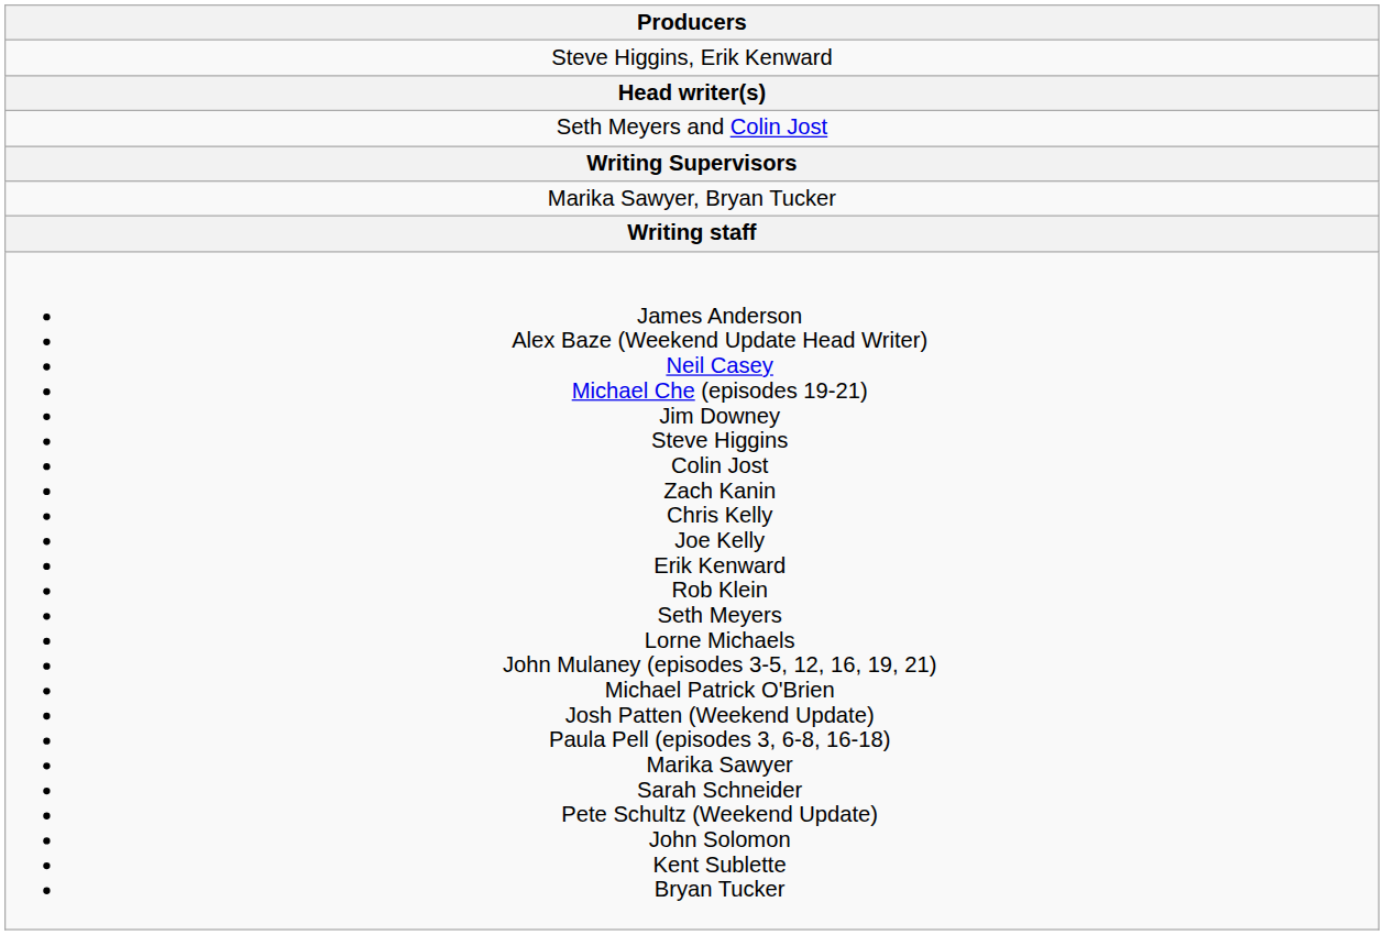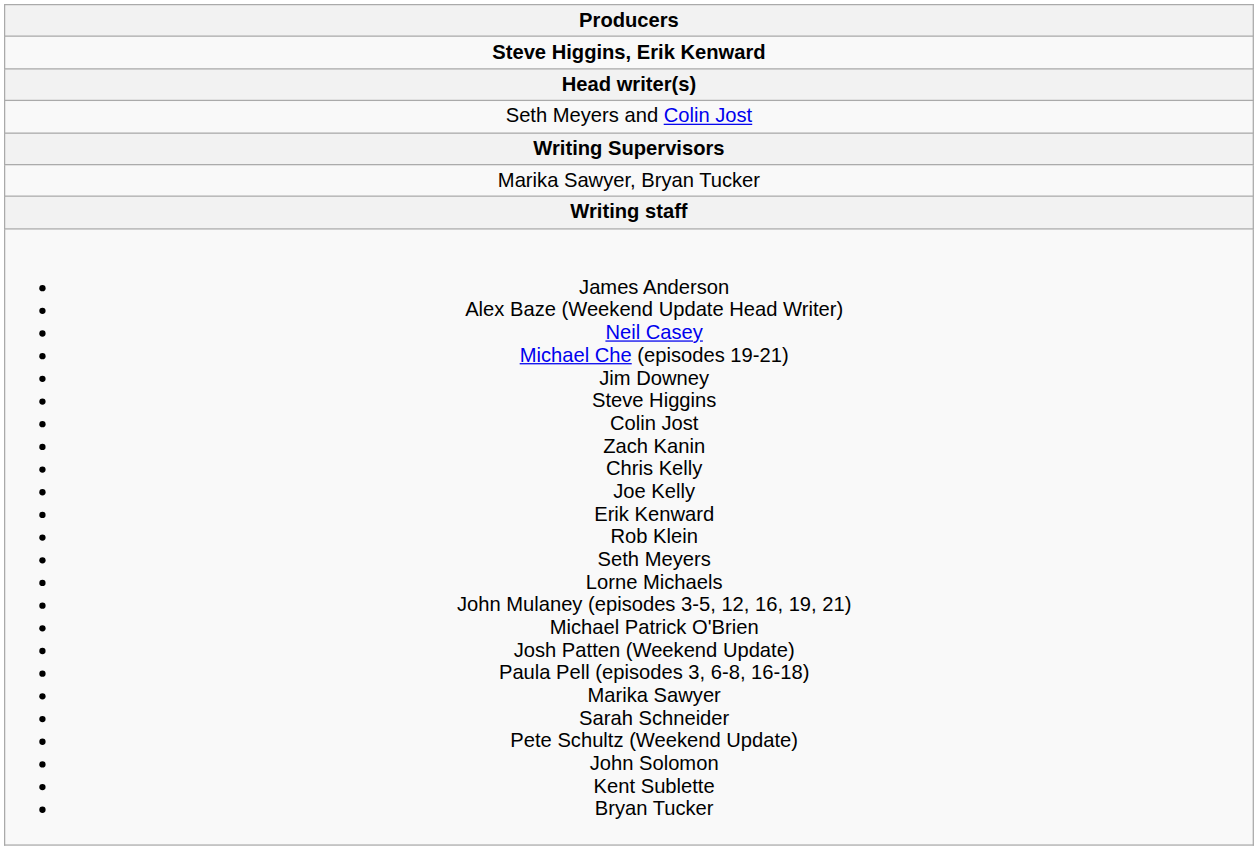 <table class="wikitable plainrowheaders"  style="text-align:center; width:50%;">
 <tr>
 <th><strong>Producers</strong></th>
 </tr>
 <tr>
-<td>Steve Higgins, Erik Kenward</td>
+<td><strong>Steve Higgins, Erik Kenward</strong></td>
 </tr>
 <tr>
 <th><strong>Head writer(s)</strong></th>
 </tr>
 <tr>
 <td>Seth Meyers and <a href='#'>Colin Jost</a></td>
 </tr>
 <tr>
 <th><strong>Writing Supervisors</strong></th>
 </tr>
 <tr>
 <td>Marika Sawyer, Bryan Tucker</td>
 </tr>
 <tr>
 <th><strong>Writing staff</strong></th>
 </tr>
 <tr>
 <td><br><ul><li>James Anderson</li><li>Alex Baze (Weekend Update Head Writer)</li><li><a href='#'>Neil Casey</a></li><li><a href='#'>Michael Che</a> (episodes 19-21)</li><li>Jim Downey</li><li>Steve Higgins</li><li>Colin Jost</li><li>Zach Kanin</li><li>Chris Kelly</li><li>Joe Kelly</li><li>Erik Kenward</li><li>Rob Klein</li><li>Seth Meyers</li><li>Lorne Michaels</li><li>John Mulaney (episodes 3-5, 12, 16, 19, 21)</li><li>Michael Patrick O'Brien</li><li>Josh Patten (Weekend Update)</li><li>Paula Pell (episodes 3, 6-8, 16-18)</li><li>Marika Sawyer</li><li>Sarah Schneider</li><li>Pete Schultz (Weekend Update)</li><li>John Solomon</li><li>Kent Sublette</li><li>Bryan Tucker</li></ul></td>
 </tr>
 </table>
